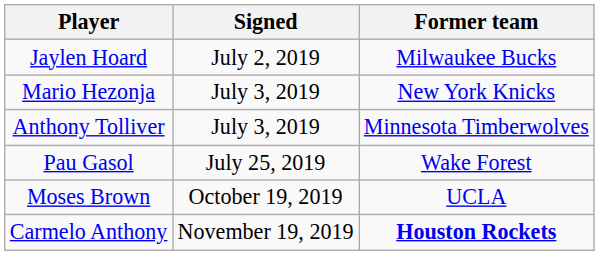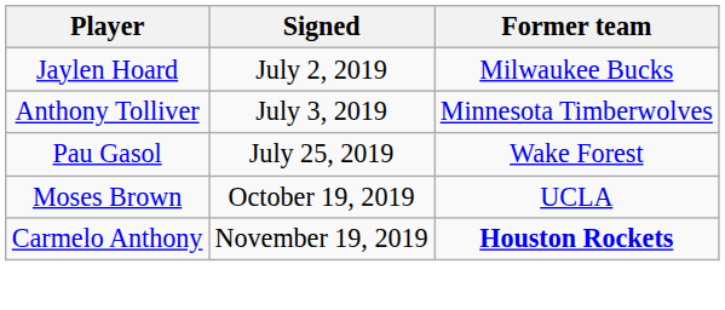 <table class="wikitable sortable sortable" style="text-align: center">
 <tr>
 <th>Player</th>
 <th>Signed</th>
 <th>Former team</th>
 </tr>
 <tr style="text-align: center">
 <td><a href='#'>Jaylen Hoard</a></td>
 <td>July 2, 2019</td>
 <td><a href='#'>Milwaukee Bucks</a></td>
-</tr>
-<tr style="text-align: center">
-<td><a href='#'>Mario Hezonja</a></td>
-<td>July 3, 2019</td>
-<td><a href='#'>New York Knicks</a></td>
 </tr>
 <tr style="text-align: center">
 <td><a href='#'>Anthony Tolliver</a></td>
 <td>July 3, 2019</td>
 <td><a href='#'>Minnesota Timberwolves</a></td>
 </tr>
 <tr style="text-align: center">
 <td><a href='#'>Pau Gasol</a></td>
 <td>July 25, 2019</td>
 <td><a href='#'>Wake Forest</a></td>
 </tr>
 <tr style="text-align: center">
 <td><a href='#'>Moses Brown</a></td>
 <td>October 19, 2019</td>
 <td><a href='#'>UCLA</a></td>
 </tr>
 <tr style="text-align: center">
 <td><a href='#'>Carmelo Anthony</a></td>
 <td>November 19, 2019</td>
 <td><strong><a href='#'>Houston Rockets</a></strong></td>
 </tr>
 </table>
